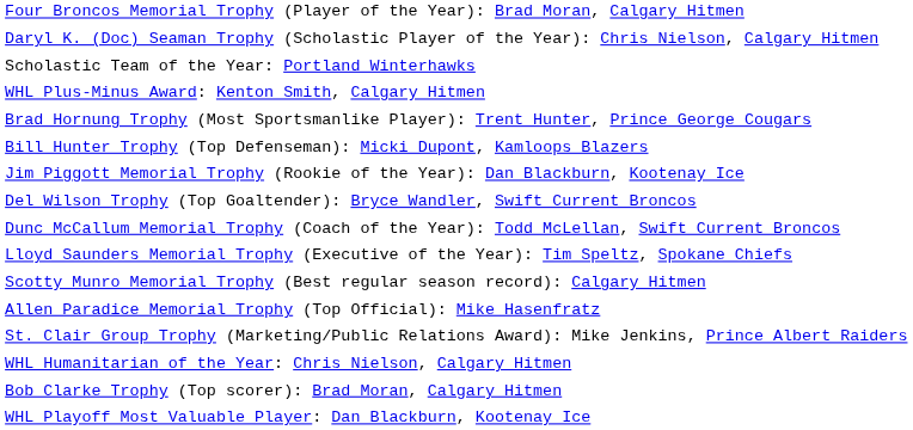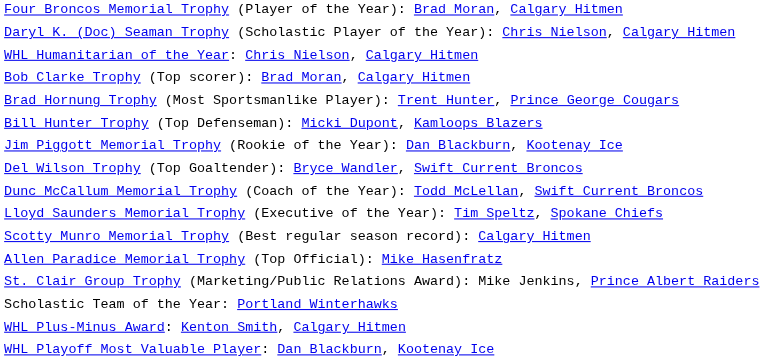 <table cellpadding="3" cellspacing="1">
 <tr>
 <td><a href='#'>Four Broncos Memorial Trophy</a> (Player of the Year): <a href='#'>Brad Moran</a>, <a href='#'>Calgary Hitmen</a></td>
 </tr>
 <tr>
 <td><a href='#'>Daryl K. (Doc) Seaman Trophy</a> (Scholastic Player of the Year): <a href='#'>Chris Nielson</a>, <a href='#'>Calgary Hitmen</a></td>
 </tr>
 <tr>
-<td>Scholastic Team of the Year: <a href='#'>Portland Winterhawks</a></td>
+<td><a href='#'>WHL Humanitarian of the Year</a>: <a href='#'>Chris Nielson</a>, <a href='#'>Calgary Hitmen</a></td>
 </tr>
 <tr>
-<td><a href='#'>WHL Plus-Minus Award</a>: <a href='#'>Kenton Smith</a>, <a href='#'>Calgary Hitmen</a></td>
+<td><a href='#'>Bob Clarke Trophy</a> (Top scorer): <a href='#'>Brad Moran</a>, <a href='#'>Calgary Hitmen</a></td>
 </tr>
 <tr>
 <td><a href='#'>Brad Hornung Trophy</a> (Most Sportsmanlike Player): <a href='#'>Trent Hunter</a>, <a href='#'>Prince George Cougars</a></td>
 </tr>
 <tr>
 <td><a href='#'>Bill Hunter Trophy</a> (Top Defenseman): <a href='#'>Micki Dupont</a>, <a href='#'>Kamloops Blazers</a></td>
 </tr>
 <tr>
 <td><a href='#'>Jim Piggott Memorial Trophy</a> (Rookie of the Year): <a href='#'>Dan Blackburn</a>, <a href='#'>Kootenay Ice</a></td>
 </tr>
 <tr>
 <td><a href='#'>Del Wilson Trophy</a> (Top Goaltender): <a href='#'>Bryce Wandler</a>, <a href='#'>Swift Current Broncos</a></td>
 </tr>
 <tr>
 <td><a href='#'>Dunc McCallum Memorial Trophy</a> (Coach of the Year): <a href='#'>Todd McLellan</a>, <a href='#'>Swift Current Broncos</a></td>
 </tr>
 <tr>
 <td><a href='#'>Lloyd Saunders Memorial Trophy</a> (Executive of the Year): <a href='#'>Tim Speltz</a>, <a href='#'>Spokane Chiefs</a></td>
 </tr>
 <tr>
 <td><a href='#'>Scotty Munro Memorial Trophy</a> (Best regular season record): <a href='#'>Calgary Hitmen</a></td>
 </tr>
 <tr>
 <td><a href='#'>Allen Paradice Memorial Trophy</a> (Top Official): <a href='#'>Mike Hasenfratz</a></td>
 </tr>
 <tr>
 <td><a href='#'>St. Clair Group Trophy</a> (Marketing/Public Relations Award): Mike Jenkins, <a href='#'>Prince Albert Raiders</a></td>
 </tr>
 <tr>
-<td><a href='#'>WHL Humanitarian of the Year</a>: <a href='#'>Chris Nielson</a>, <a href='#'>Calgary Hitmen</a></td>
+<td>Scholastic Team of the Year: <a href='#'>Portland Winterhawks</a></td>
 </tr>
 <tr>
-<td><a href='#'>Bob Clarke Trophy</a> (Top scorer): <a href='#'>Brad Moran</a>, <a href='#'>Calgary Hitmen</a></td>
+<td><a href='#'>WHL Plus-Minus Award</a>: <a href='#'>Kenton Smith</a>, <a href='#'>Calgary Hitmen</a></td>
 </tr>
 <tr>
 <td><a href='#'>WHL Playoff Most Valuable Player</a>: <a href='#'>Dan Blackburn</a>, <a href='#'>Kootenay Ice</a></td>
 </tr>
 </table>
